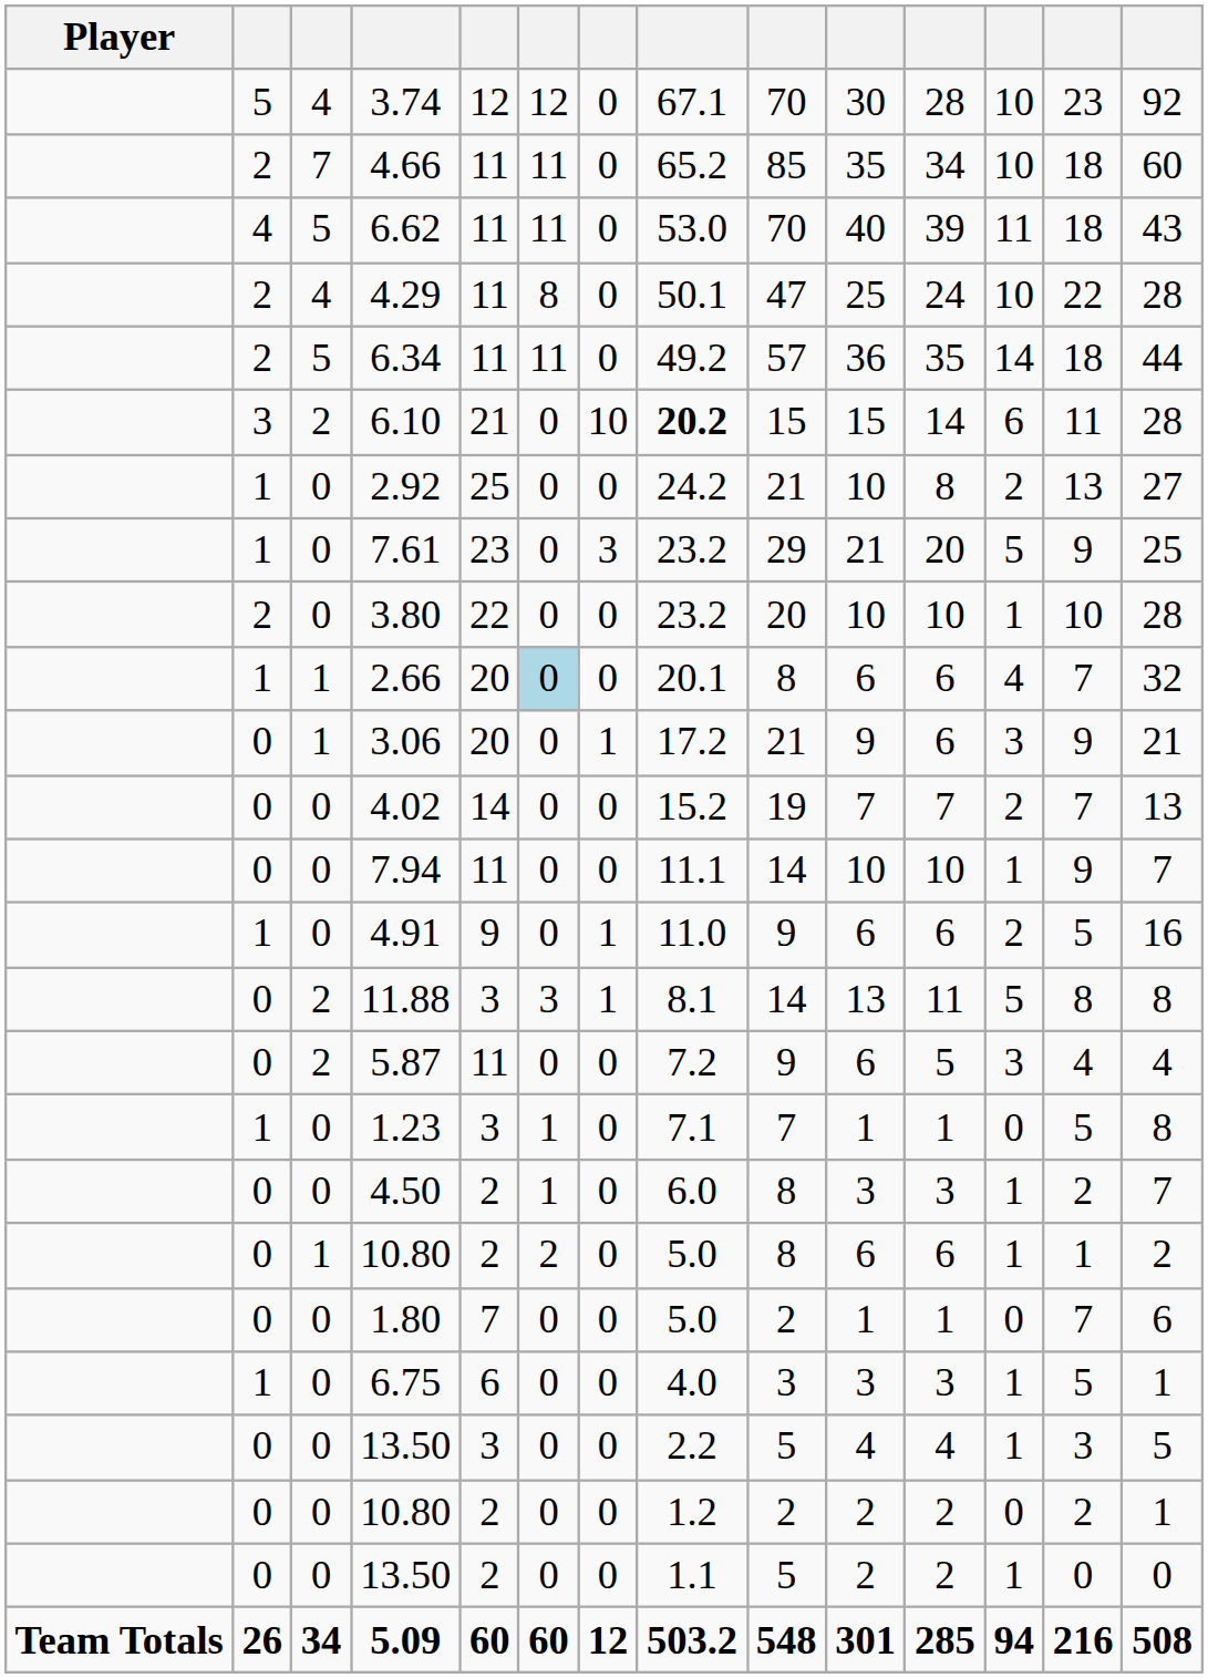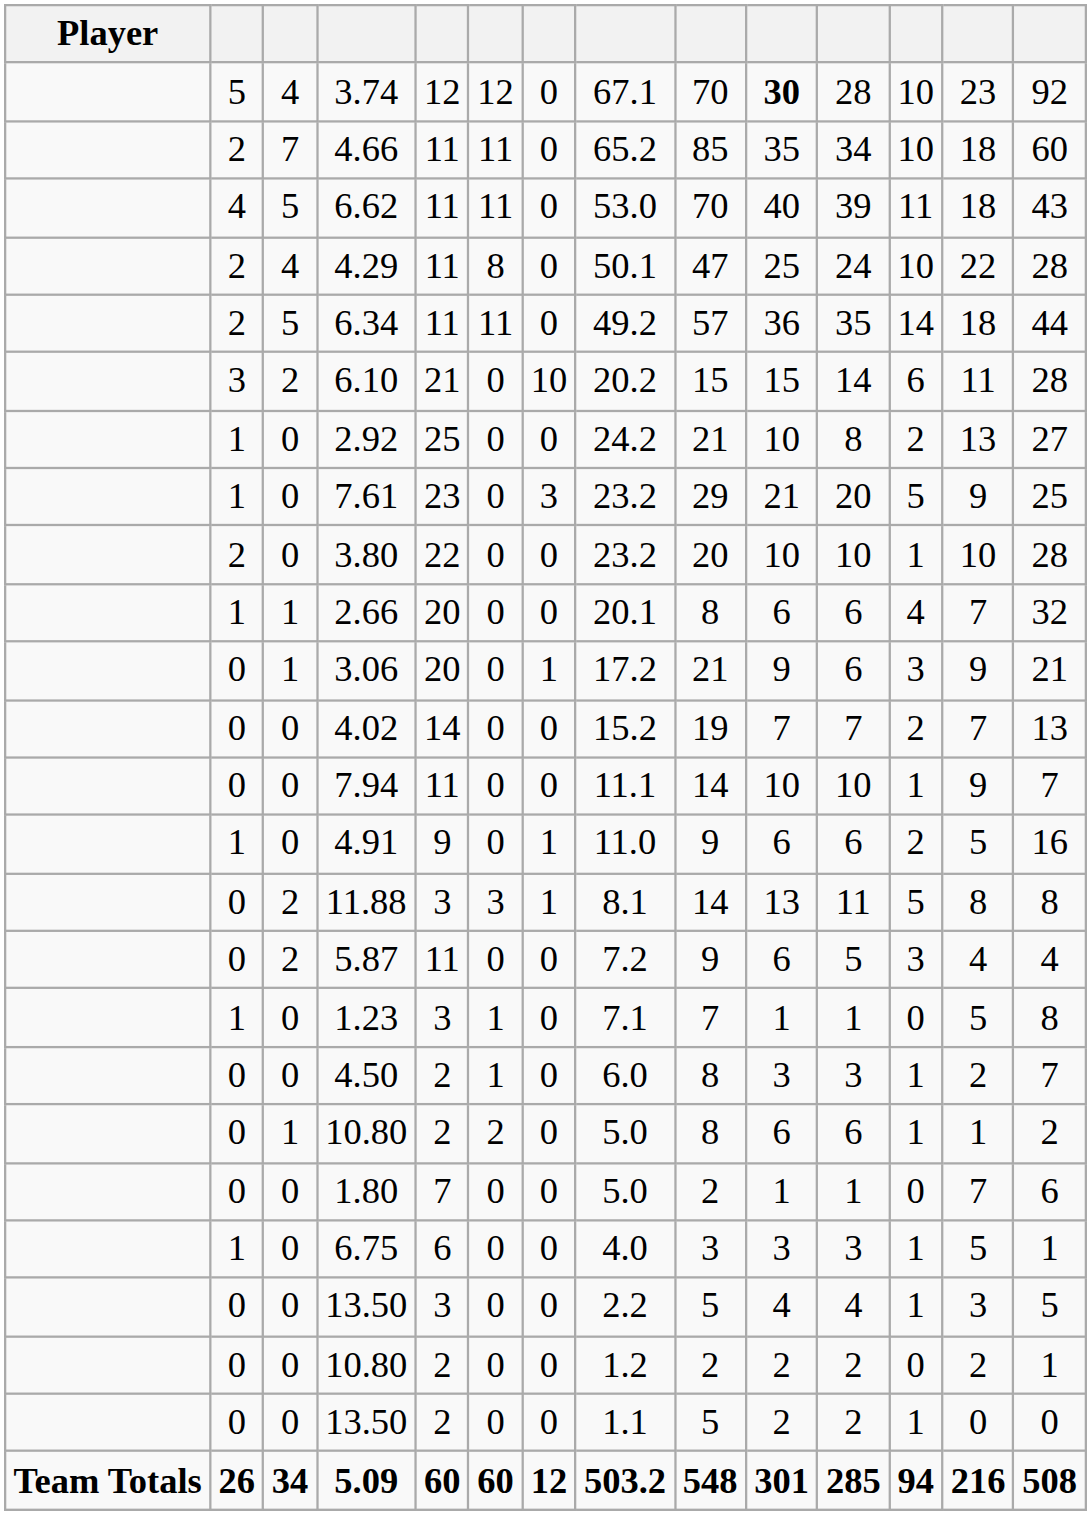 <table class="wikitable sortable" style="text-align:center;">
 <tr>
 <th>Player</th>
 <th></th>
 <th></th>
 <th></th>
 <th></th>
 <th></th>
 <th></th>
 <th></th>
 <th></th>
 <th></th>
 <th></th>
 <th></th>
 <th></th>
 <th></th>
 </tr>
 <tr>
 <td align="left"></td>
 <td>5</td>
 <td>4</td>
 <td>3.74</td>
 <td>12</td>
 <td>12</td>
 <td>0</td>
 <td>67.1</td>
 <td>70</td>
-<td>30</td>
+<td><strong>30</strong></td>
 <td>28</td>
 <td>10</td>
 <td>23</td>
 <td>92</td>
 </tr>
 <tr>
 <td align="left"></td>
 <td>2</td>
 <td>7</td>
 <td>4.66</td>
 <td>11</td>
 <td>11</td>
 <td>0</td>
 <td>65.2</td>
 <td>85</td>
 <td>35</td>
 <td>34</td>
 <td>10</td>
 <td>18</td>
 <td>60</td>
 </tr>
 <tr>
 <td align="left"></td>
 <td>4</td>
 <td>5</td>
 <td>6.62</td>
 <td>11</td>
 <td>11</td>
 <td>0</td>
 <td>53.0</td>
 <td>70</td>
 <td>40</td>
 <td>39</td>
 <td>11</td>
 <td>18</td>
 <td>43</td>
 </tr>
 <tr>
 <td align="left"></td>
 <td>2</td>
 <td>4</td>
 <td>4.29</td>
 <td>11</td>
 <td>8</td>
 <td>0</td>
 <td>50.1</td>
 <td>47</td>
 <td>25</td>
 <td>24</td>
 <td>10</td>
 <td>22</td>
 <td>28</td>
 </tr>
 <tr>
 <td align="left"></td>
 <td>2</td>
 <td>5</td>
 <td>6.34</td>
 <td>11</td>
 <td>11</td>
 <td>0</td>
 <td>49.2</td>
 <td>57</td>
 <td>36</td>
 <td>35</td>
 <td>14</td>
 <td>18</td>
 <td>44</td>
 </tr>
 <tr>
 <td align="left"></td>
 <td>3</td>
 <td>2</td>
 <td>6.10</td>
 <td>21</td>
 <td>0</td>
 <td>10</td>
-<td><strong>20.2</strong></td>
+<td>20.2</td>
 <td>15</td>
 <td>15</td>
 <td>14</td>
 <td>6</td>
 <td>11</td>
 <td>28</td>
 </tr>
 <tr>
 <td align="left"></td>
 <td>1</td>
 <td>0</td>
 <td>2.92</td>
 <td>25</td>
 <td>0</td>
 <td>0</td>
 <td>24.2</td>
 <td>21</td>
 <td>10</td>
 <td>8</td>
 <td>2</td>
 <td>13</td>
 <td>27</td>
 </tr>
 <tr>
 <td align="left"></td>
 <td>1</td>
 <td>0</td>
 <td>7.61</td>
 <td>23</td>
 <td>0</td>
 <td>3</td>
 <td>23.2</td>
 <td>29</td>
 <td>21</td>
 <td>20</td>
 <td>5</td>
 <td>9</td>
 <td>25</td>
 </tr>
 <tr>
 <td align="left"></td>
 <td>2</td>
 <td>0</td>
 <td>3.80</td>
 <td>22</td>
 <td>0</td>
 <td>0</td>
 <td>23.2</td>
 <td>20</td>
 <td>10</td>
 <td>10</td>
 <td>1</td>
 <td>10</td>
 <td>28</td>
 </tr>
 <tr>
 <td align="left"></td>
 <td>1</td>
 <td>1</td>
 <td>2.66</td>
 <td>20</td>
-<td style="background: lightblue;">0</td>
+<td>0</td>
 <td>0</td>
 <td>20.1</td>
 <td>8</td>
 <td>6</td>
 <td>6</td>
 <td>4</td>
 <td>7</td>
 <td>32</td>
 </tr>
 <tr>
 <td align="left"></td>
 <td>0</td>
 <td>1</td>
 <td>3.06</td>
 <td>20</td>
 <td>0</td>
 <td>1</td>
 <td>17.2</td>
 <td>21</td>
 <td>9</td>
 <td>6</td>
 <td>3</td>
 <td>9</td>
 <td>21</td>
 </tr>
 <tr>
 <td align="left"></td>
 <td>0</td>
 <td>0</td>
 <td>4.02</td>
 <td>14</td>
 <td>0</td>
 <td>0</td>
 <td>15.2</td>
 <td>19</td>
 <td>7</td>
 <td>7</td>
 <td>2</td>
 <td>7</td>
 <td>13</td>
 </tr>
 <tr>
 <td align="left"></td>
 <td>0</td>
 <td>0</td>
 <td>7.94</td>
 <td>11</td>
 <td>0</td>
 <td>0</td>
 <td>11.1</td>
 <td>14</td>
 <td>10</td>
 <td>10</td>
 <td>1</td>
 <td>9</td>
 <td>7</td>
 </tr>
 <tr>
 <td align="left"></td>
 <td>1</td>
 <td>0</td>
 <td>4.91</td>
 <td>9</td>
 <td>0</td>
 <td>1</td>
 <td>11.0</td>
 <td>9</td>
 <td>6</td>
 <td>6</td>
 <td>2</td>
 <td>5</td>
 <td>16</td>
 </tr>
 <tr>
 <td align="left"></td>
 <td>0</td>
 <td>2</td>
 <td>11.88</td>
 <td>3</td>
 <td>3</td>
 <td>1</td>
 <td>8.1</td>
 <td>14</td>
 <td>13</td>
 <td>11</td>
 <td>5</td>
 <td>8</td>
 <td>8</td>
 </tr>
 <tr>
 <td align="left"></td>
 <td>0</td>
 <td>2</td>
 <td>5.87</td>
 <td>11</td>
 <td>0</td>
 <td>0</td>
 <td>7.2</td>
 <td>9</td>
 <td>6</td>
 <td>5</td>
 <td>3</td>
 <td>4</td>
 <td>4</td>
 </tr>
 <tr>
 <td align="left"></td>
 <td>1</td>
 <td>0</td>
 <td>1.23</td>
 <td>3</td>
 <td>1</td>
 <td>0</td>
 <td>7.1</td>
 <td>7</td>
 <td>1</td>
 <td>1</td>
 <td>0</td>
 <td>5</td>
 <td>8</td>
 </tr>
 <tr>
 <td align="left"></td>
 <td>0</td>
 <td>0</td>
 <td>4.50</td>
 <td>2</td>
 <td>1</td>
 <td>0</td>
 <td>6.0</td>
 <td>8</td>
 <td>3</td>
 <td>3</td>
 <td>1</td>
 <td>2</td>
 <td>7</td>
 </tr>
 <tr>
 <td align="left"></td>
 <td>0</td>
 <td>1</td>
 <td>10.80</td>
 <td>2</td>
 <td>2</td>
 <td>0</td>
 <td>5.0</td>
 <td>8</td>
 <td>6</td>
 <td>6</td>
 <td>1</td>
 <td>1</td>
 <td>2</td>
 </tr>
 <tr>
 <td align="left"></td>
 <td>0</td>
 <td>0</td>
 <td>1.80</td>
 <td>7</td>
 <td>0</td>
 <td>0</td>
 <td>5.0</td>
 <td>2</td>
 <td>1</td>
 <td>1</td>
 <td>0</td>
 <td>7</td>
 <td>6</td>
 </tr>
 <tr>
 <td align="left"></td>
 <td>1</td>
 <td>0</td>
 <td>6.75</td>
 <td>6</td>
 <td>0</td>
 <td>0</td>
 <td>4.0</td>
 <td>3</td>
 <td>3</td>
 <td>3</td>
 <td>1</td>
 <td>5</td>
 <td>1</td>
 </tr>
 <tr>
 <td align="left"></td>
 <td>0</td>
 <td>0</td>
 <td>13.50</td>
 <td>3</td>
 <td>0</td>
 <td>0</td>
 <td>2.2</td>
 <td>5</td>
 <td>4</td>
 <td>4</td>
 <td>1</td>
 <td>3</td>
 <td>5</td>
 </tr>
 <tr>
 <td align="left"></td>
 <td>0</td>
 <td>0</td>
 <td>10.80</td>
 <td>2</td>
 <td>0</td>
 <td>0</td>
 <td>1.2</td>
 <td>2</td>
 <td>2</td>
 <td>2</td>
 <td>0</td>
 <td>2</td>
 <td>1</td>
 </tr>
 <tr>
 <td align="left"></td>
 <td>0</td>
 <td>0</td>
 <td>13.50</td>
 <td>2</td>
 <td>0</td>
 <td>0</td>
 <td>1.1</td>
 <td>5</td>
 <td>2</td>
 <td>2</td>
 <td>1</td>
 <td>0</td>
 <td>0</td>
 </tr>
 <tr>
 <td align="left"><strong>Team Totals</strong></td>
 <td><strong>26</strong></td>
 <td><strong>34</strong></td>
 <td><strong>5.09</strong></td>
 <td><strong>60</strong></td>
 <td><strong>60</strong></td>
 <td><strong>12</strong></td>
 <td><strong>503.2</strong></td>
 <td><strong>548</strong></td>
 <td><strong>301</strong></td>
 <td><strong>285</strong></td>
 <td><strong>94</strong></td>
 <td><strong>216</strong></td>
 <td><strong>508</strong></td>
 </tr>
 <tr class=="sortbottom">
 </tr>
 </table>
